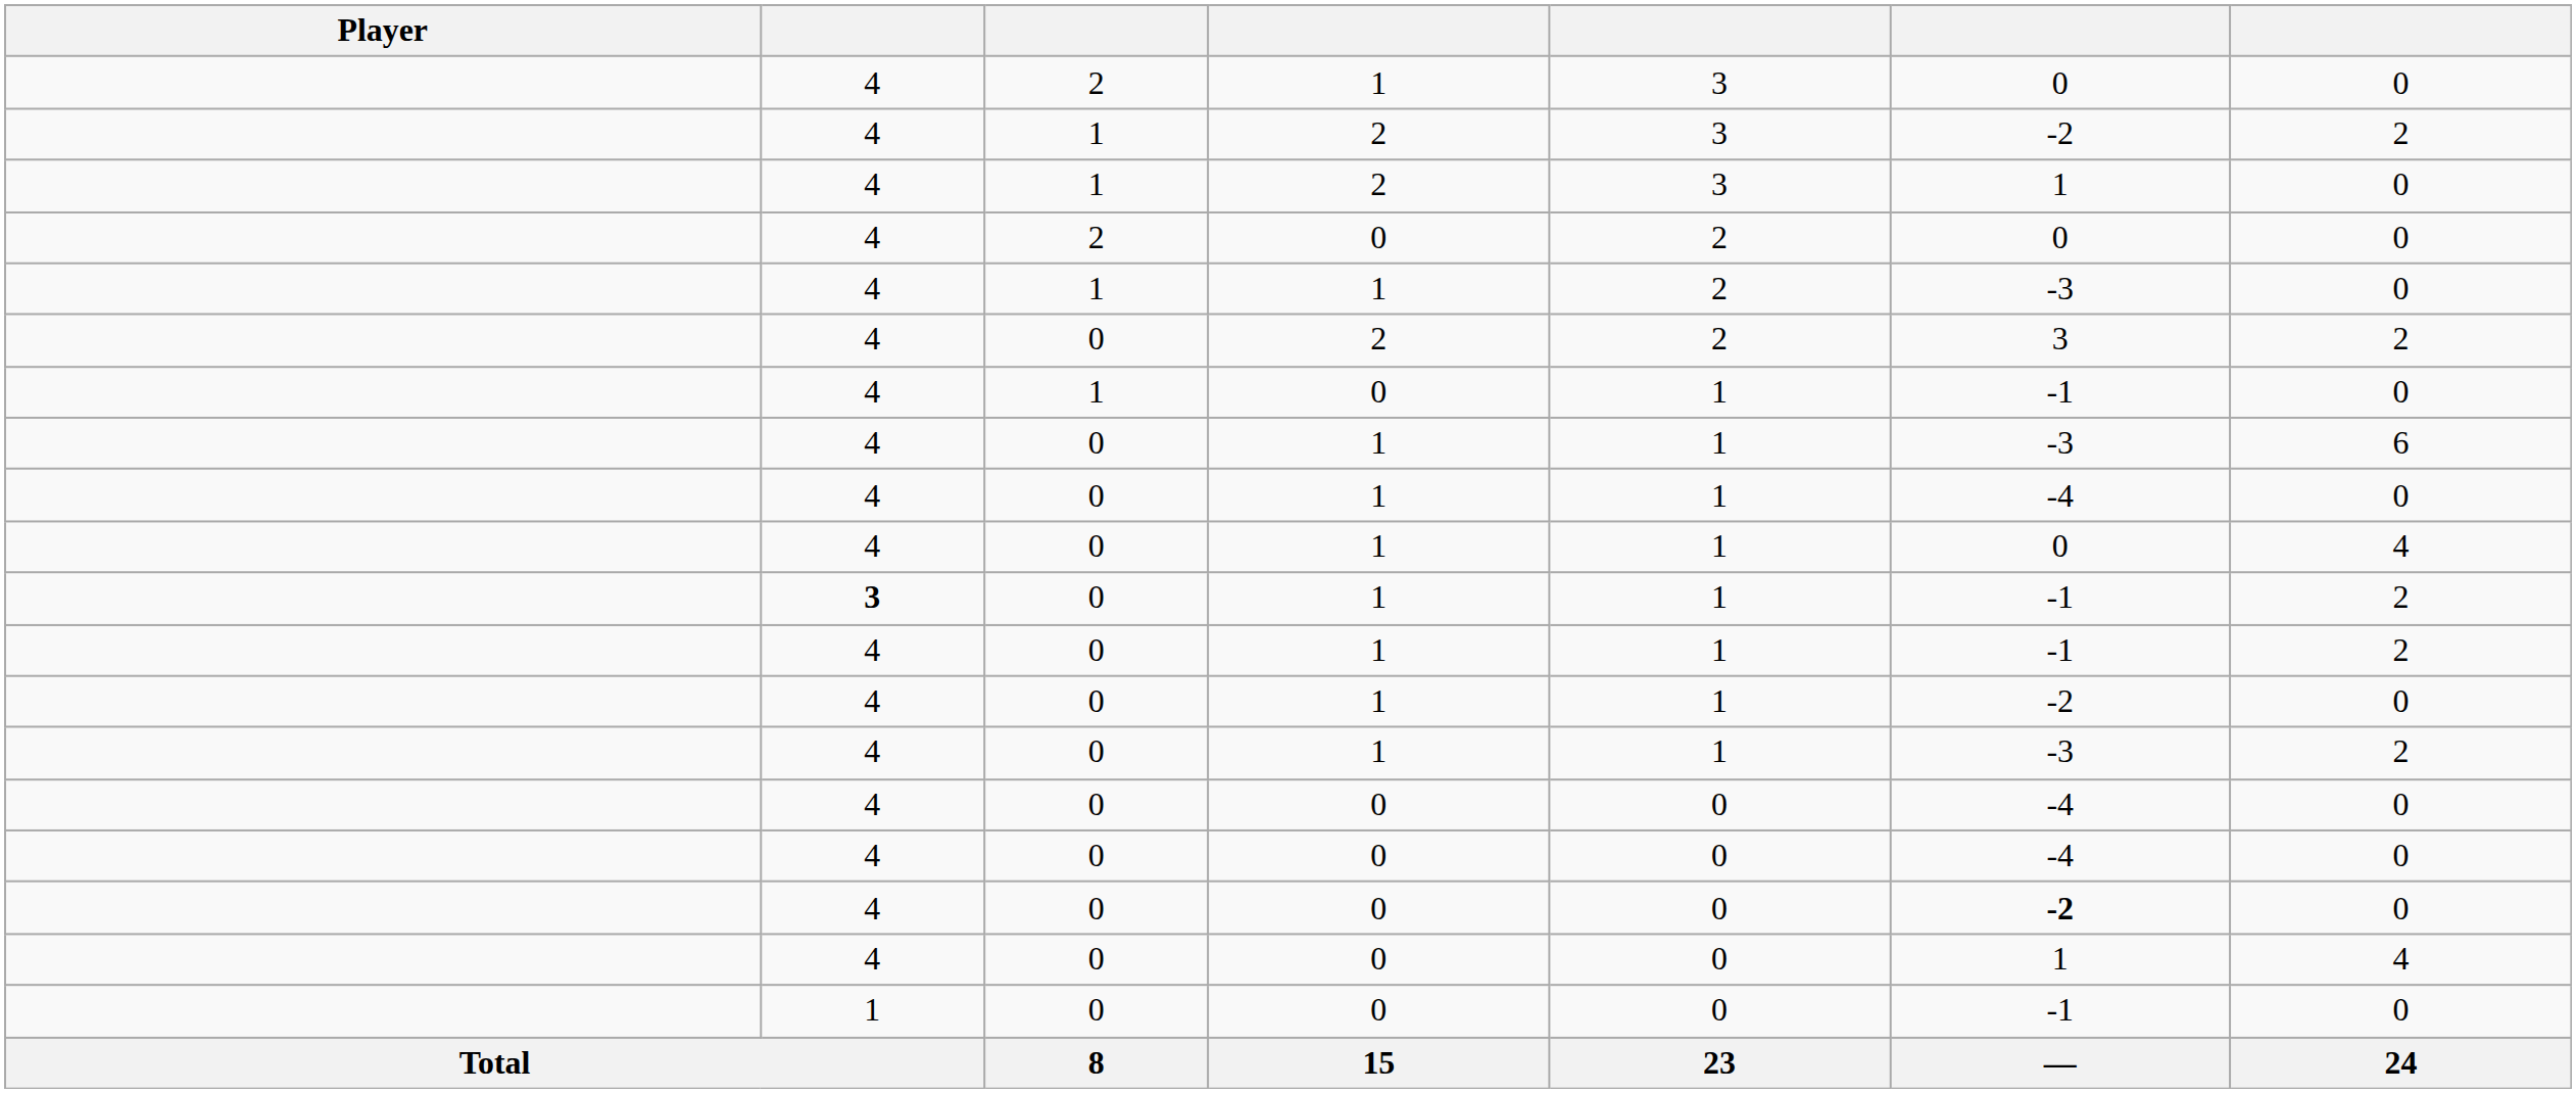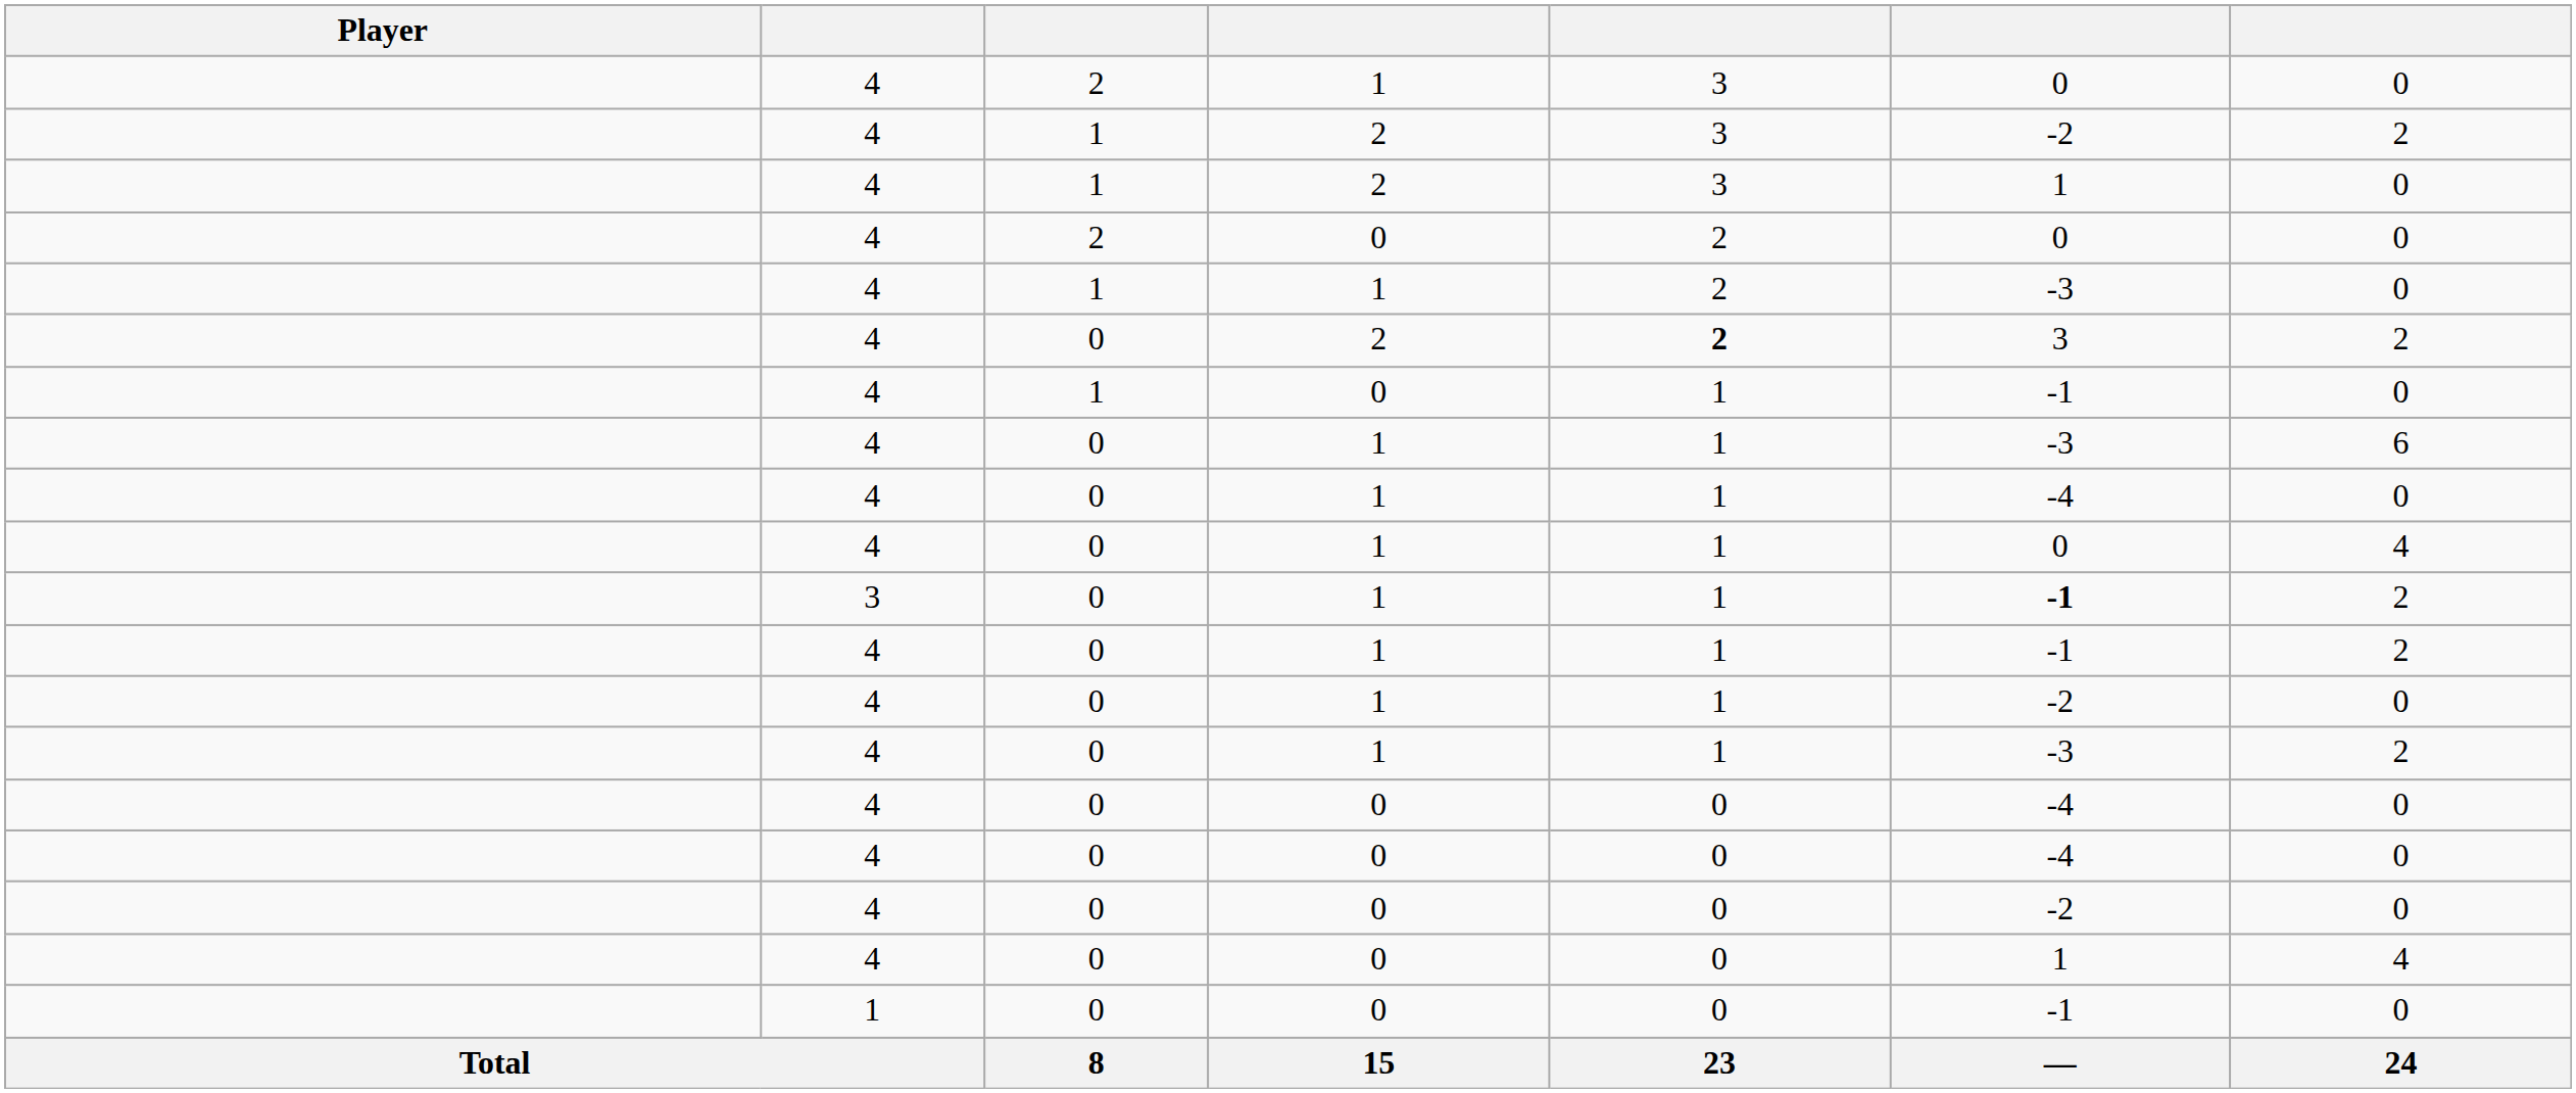 <table class="wikitable sortable" style="width:100%; text-align:center;">
 <tr>
 <th>Player</th>
 <th></th>
 <th></th>
 <th></th>
 <th></th>
 <th data-sort-type="number"></th>
 <th></th>
 </tr>
 <tr>
 <td></td>
 <td>4</td>
 <td>2</td>
 <td>1</td>
 <td>3</td>
 <td>0</td>
 <td>0</td>
 </tr>
 <tr>
 <td></td>
 <td>4</td>
 <td>1</td>
 <td>2</td>
 <td>3</td>
 <td>-2</td>
 <td>2</td>
 </tr>
 <tr>
 <td></td>
 <td>4</td>
 <td>1</td>
 <td>2</td>
 <td>3</td>
 <td>1</td>
 <td>0</td>
 </tr>
 <tr>
 <td></td>
 <td>4</td>
 <td>2</td>
 <td>0</td>
 <td>2</td>
 <td>0</td>
 <td>0</td>
 </tr>
 <tr>
 <td></td>
 <td>4</td>
 <td>1</td>
 <td>1</td>
 <td>2</td>
 <td>-3</td>
 <td>0</td>
 </tr>
 <tr>
 <td></td>
 <td>4</td>
 <td>0</td>
 <td>2</td>
-<td>2</td>
+<td><strong>2</strong></td>
 <td>3</td>
 <td>2</td>
 </tr>
 <tr>
 <td></td>
 <td>4</td>
 <td>1</td>
 <td>0</td>
 <td>1</td>
 <td>-1</td>
 <td>0</td>
 </tr>
 <tr>
 <td></td>
 <td>4</td>
 <td>0</td>
 <td>1</td>
 <td>1</td>
 <td>-3</td>
 <td>6</td>
 </tr>
 <tr>
 <td></td>
 <td>4</td>
 <td>0</td>
 <td>1</td>
 <td>1</td>
 <td>-4</td>
 <td>0</td>
 </tr>
 <tr>
 <td></td>
 <td>4</td>
 <td>0</td>
 <td>1</td>
 <td>1</td>
 <td>0</td>
 <td>4</td>
 </tr>
 <tr>
 <td></td>
-<td><strong>3</strong></td>
+<td>3</td>
 <td>0</td>
 <td>1</td>
 <td>1</td>
-<td>-1</td>
+<td><strong>-1</strong></td>
 <td>2</td>
 </tr>
 <tr>
 <td></td>
 <td>4</td>
 <td>0</td>
 <td>1</td>
 <td>1</td>
 <td>-1</td>
 <td>2</td>
 </tr>
 <tr>
 <td></td>
 <td>4</td>
 <td>0</td>
 <td>1</td>
 <td>1</td>
 <td>-2</td>
 <td>0</td>
 </tr>
 <tr>
 <td></td>
 <td>4</td>
 <td>0</td>
 <td>1</td>
 <td>1</td>
 <td>-3</td>
 <td>2</td>
 </tr>
 <tr>
 <td></td>
 <td>4</td>
 <td>0</td>
 <td>0</td>
 <td>0</td>
 <td>-4</td>
 <td>0</td>
 </tr>
 <tr>
 <td></td>
 <td>4</td>
 <td>0</td>
 <td>0</td>
 <td>0</td>
 <td>-4</td>
 <td>0</td>
 </tr>
 <tr>
 <td></td>
 <td>4</td>
 <td>0</td>
 <td>0</td>
 <td>0</td>
-<td><strong>-2</strong></td>
+<td>-2</td>
 <td>0</td>
 </tr>
 <tr>
 <td></td>
 <td>4</td>
 <td>0</td>
 <td>0</td>
 <td>0</td>
 <td>1</td>
 <td>4</td>
 </tr>
 <tr>
 <td></td>
 <td>1</td>
 <td>0</td>
 <td>0</td>
 <td>0</td>
 <td>-1</td>
 <td>0</td>
 </tr>
 <tr class="sortbottom">
 <th colspan=2>Total</th>
 <th>8</th>
 <th>15</th>
 <th>23</th>
 <th>—</th>
 <th>24</th>
 </tr>
 </table>
